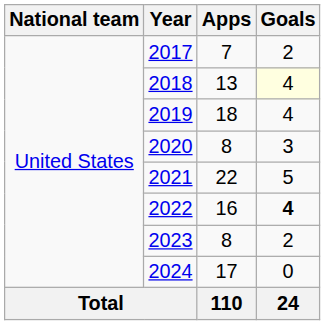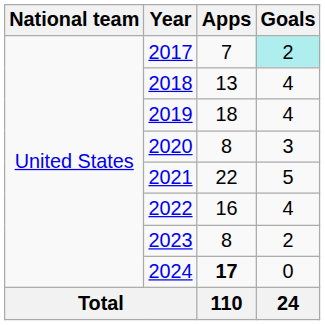 <table class="wikitable" style="text-align:center">
 <tr>
 <th>National team</th>
 <th>Year</th>
 <th>Apps</th>
 <th>Goals</th>
 </tr>
 <tr>
 <td rowspan="8"><a href='#'>United States</a></td>
 <td><a href='#'>2017</a></td>
 <td>7</td>
-<td>2</td>
+<td style="background: paleturquoise;">2</td>
 </tr>
 <tr>
 <td><a href='#'>2018</a></td>
 <td>13</td>
-<td style="background: lightyellow;">4</td>
+<td>4</td>
 </tr>
 <tr>
 <td><a href='#'>2019</a></td>
 <td>18</td>
 <td>4</td>
 </tr>
 <tr>
 <td><a href='#'>2020</a></td>
 <td>8</td>
 <td>3</td>
 </tr>
 <tr>
 <td><a href='#'>2021</a></td>
 <td>22</td>
 <td>5</td>
 </tr>
 <tr>
 <td><a href='#'>2022</a></td>
 <td>16</td>
-<td><strong>4</strong></td>
+<td>4</td>
 </tr>
 <tr>
 <td><a href='#'>2023</a></td>
 <td>8</td>
 <td>2</td>
 </tr>
 <tr>
 <td><a href='#'>2024</a></td>
-<td>17</td>
+<td><strong>17</strong></td>
 <td>0</td>
 </tr>
 <tr>
 <th colspan=2>Total</th>
 <th>110</th>
 <th>24</th>
 </tr>
 </table>
